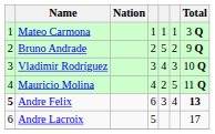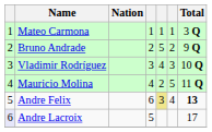 <table class="wikitable" style="text-align:center">
 <tr>
 <th></th>
 <th>Name</th>
 <th>Nation</th>
 <th></th>
 <th></th>
 <th></th>
 <th>Total</th>
 </tr>
 <tr bgcolor=ccffcc>
 <td>1</td>
 <td align=left><a href='#'>Mateo Carmona</a></td>
 <td align=left></td>
 <td>1</td>
 <td>1</td>
 <td>1</td>
 <td>3 <strong>Q</strong></td>
 </tr>
 <tr bgcolor=ccffcc>
 <td>2</td>
 <td align=left><a href='#'>Bruno Andrade</a></td>
 <td align=left></td>
 <td>2</td>
 <td>5</td>
 <td>2</td>
 <td>9 <strong>Q</strong></td>
 </tr>
 <tr bgcolor=ccffcc>
 <td>3</td>
 <td align=left><a href='#'>Vladimir Rodríguez</a></td>
 <td align=left></td>
 <td>3</td>
 <td>4</td>
 <td>3</td>
 <td>10 <strong>Q</strong></td>
 </tr>
 <tr bgcolor=ccffcc>
 <td>4</td>
 <td align=left><a href='#'>Mauricio Molina</a></td>
 <td align=left></td>
 <td>4</td>
 <td>2</td>
 <td>5</td>
 <td>11 <strong>Q</strong></td>
 </tr>
 <tr>
-<td><strong>5</strong></td>
+<td>5</td>
 <td align=left><a href='#'>Andre Felix</a></td>
 <td align=left></td>
 <td>6</td>
-<td>3</td>
+<td style="background: khaki;">3</td>
 <td>4</td>
 <td><strong>13</strong></td>
 </tr>
 <tr>
-<td>6</td>
+<td style="background: lavender;">6</td>
 <td align=left><a href='#'>Andre Lacroix</a></td>
 <td align=left></td>
 <td>5</td>
 <td></td>
 <td></td>
 <td>17</td>
 </tr>
 <tr>
 </tr>
 </table>
